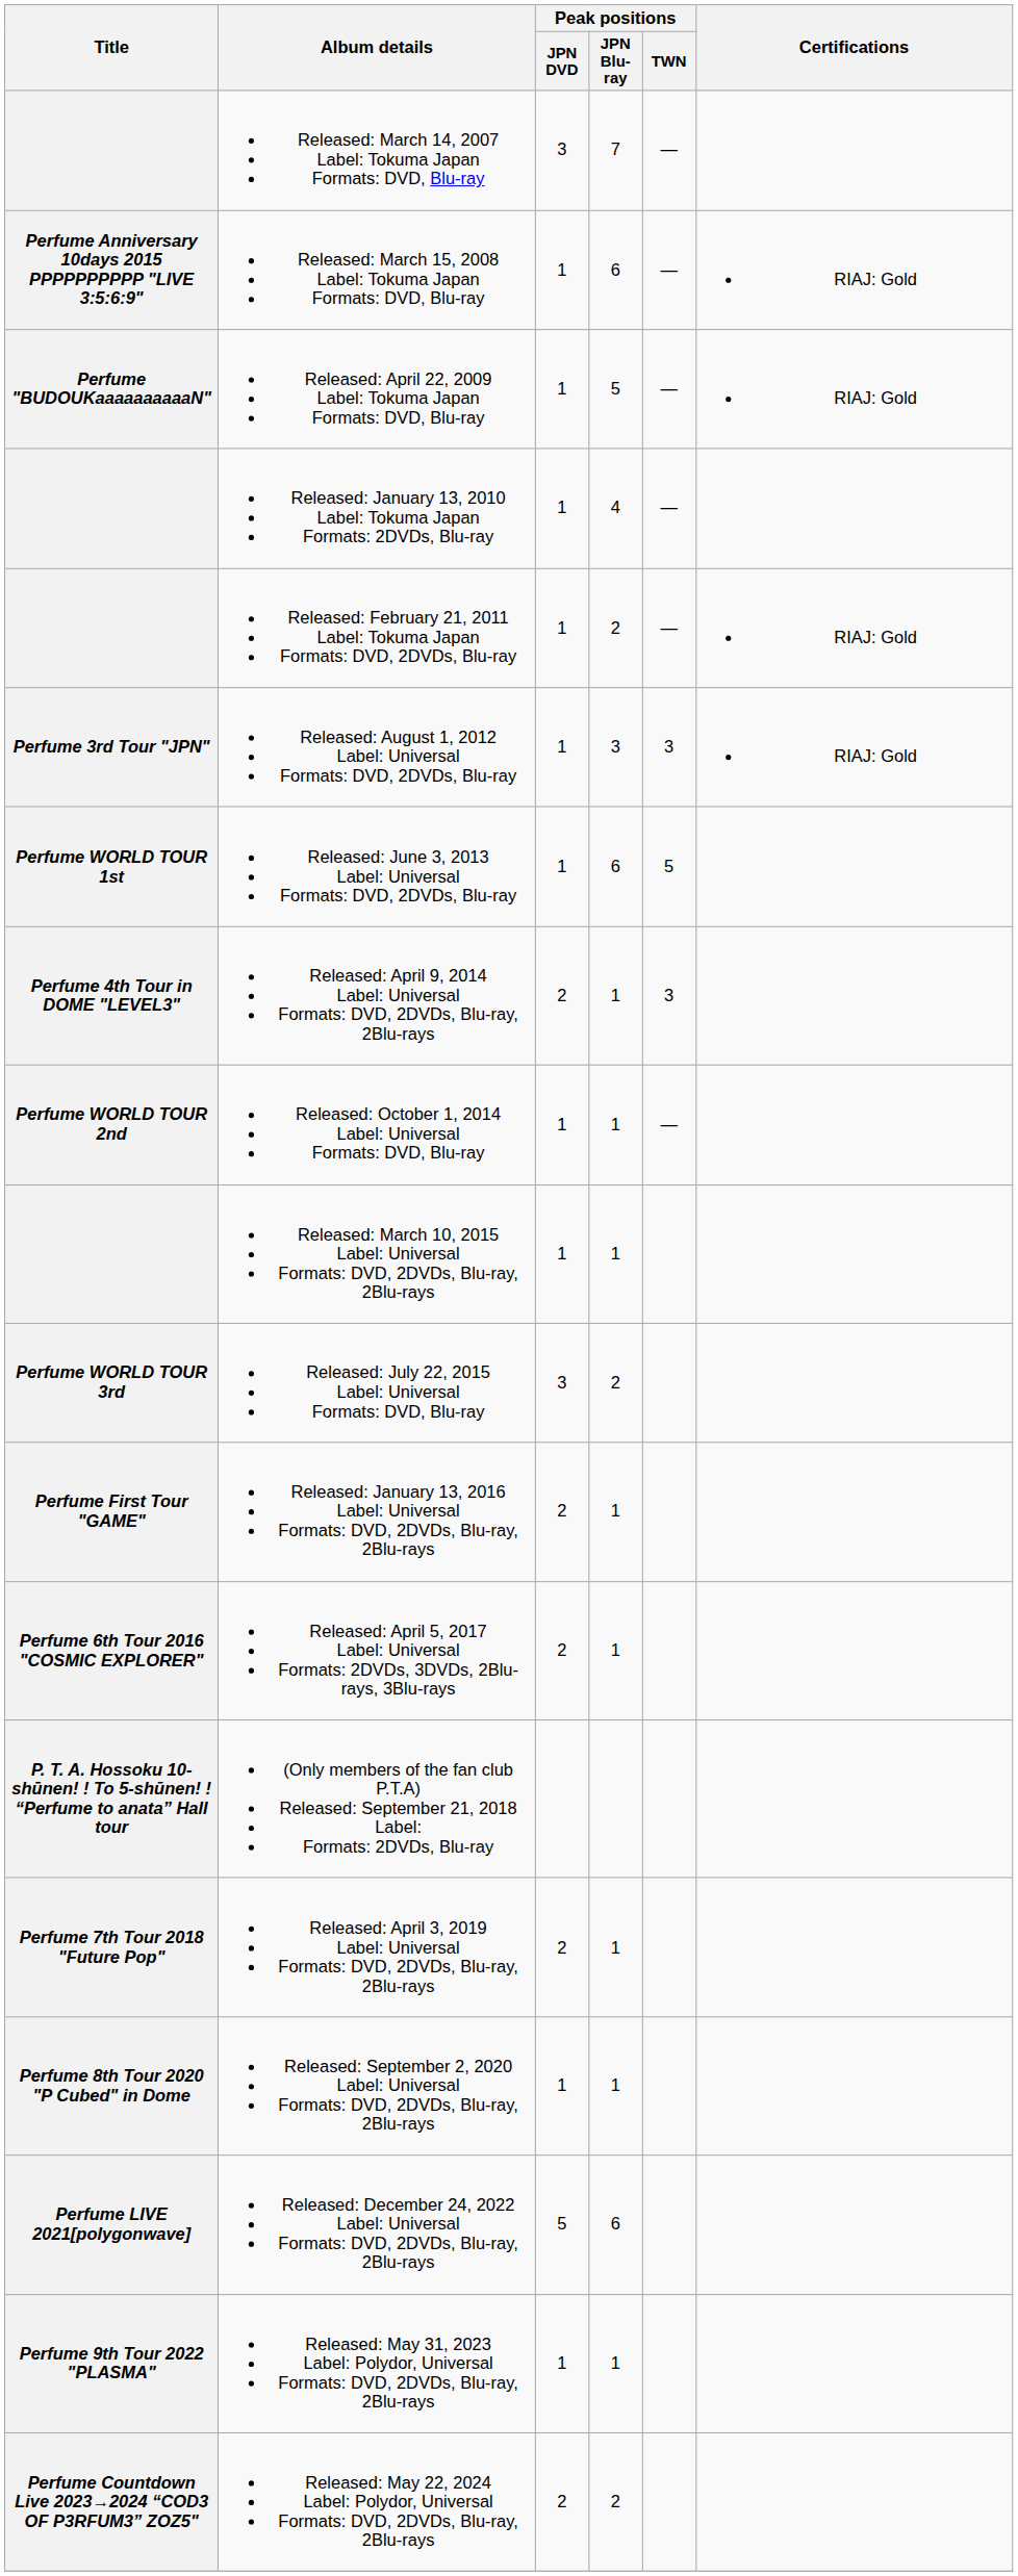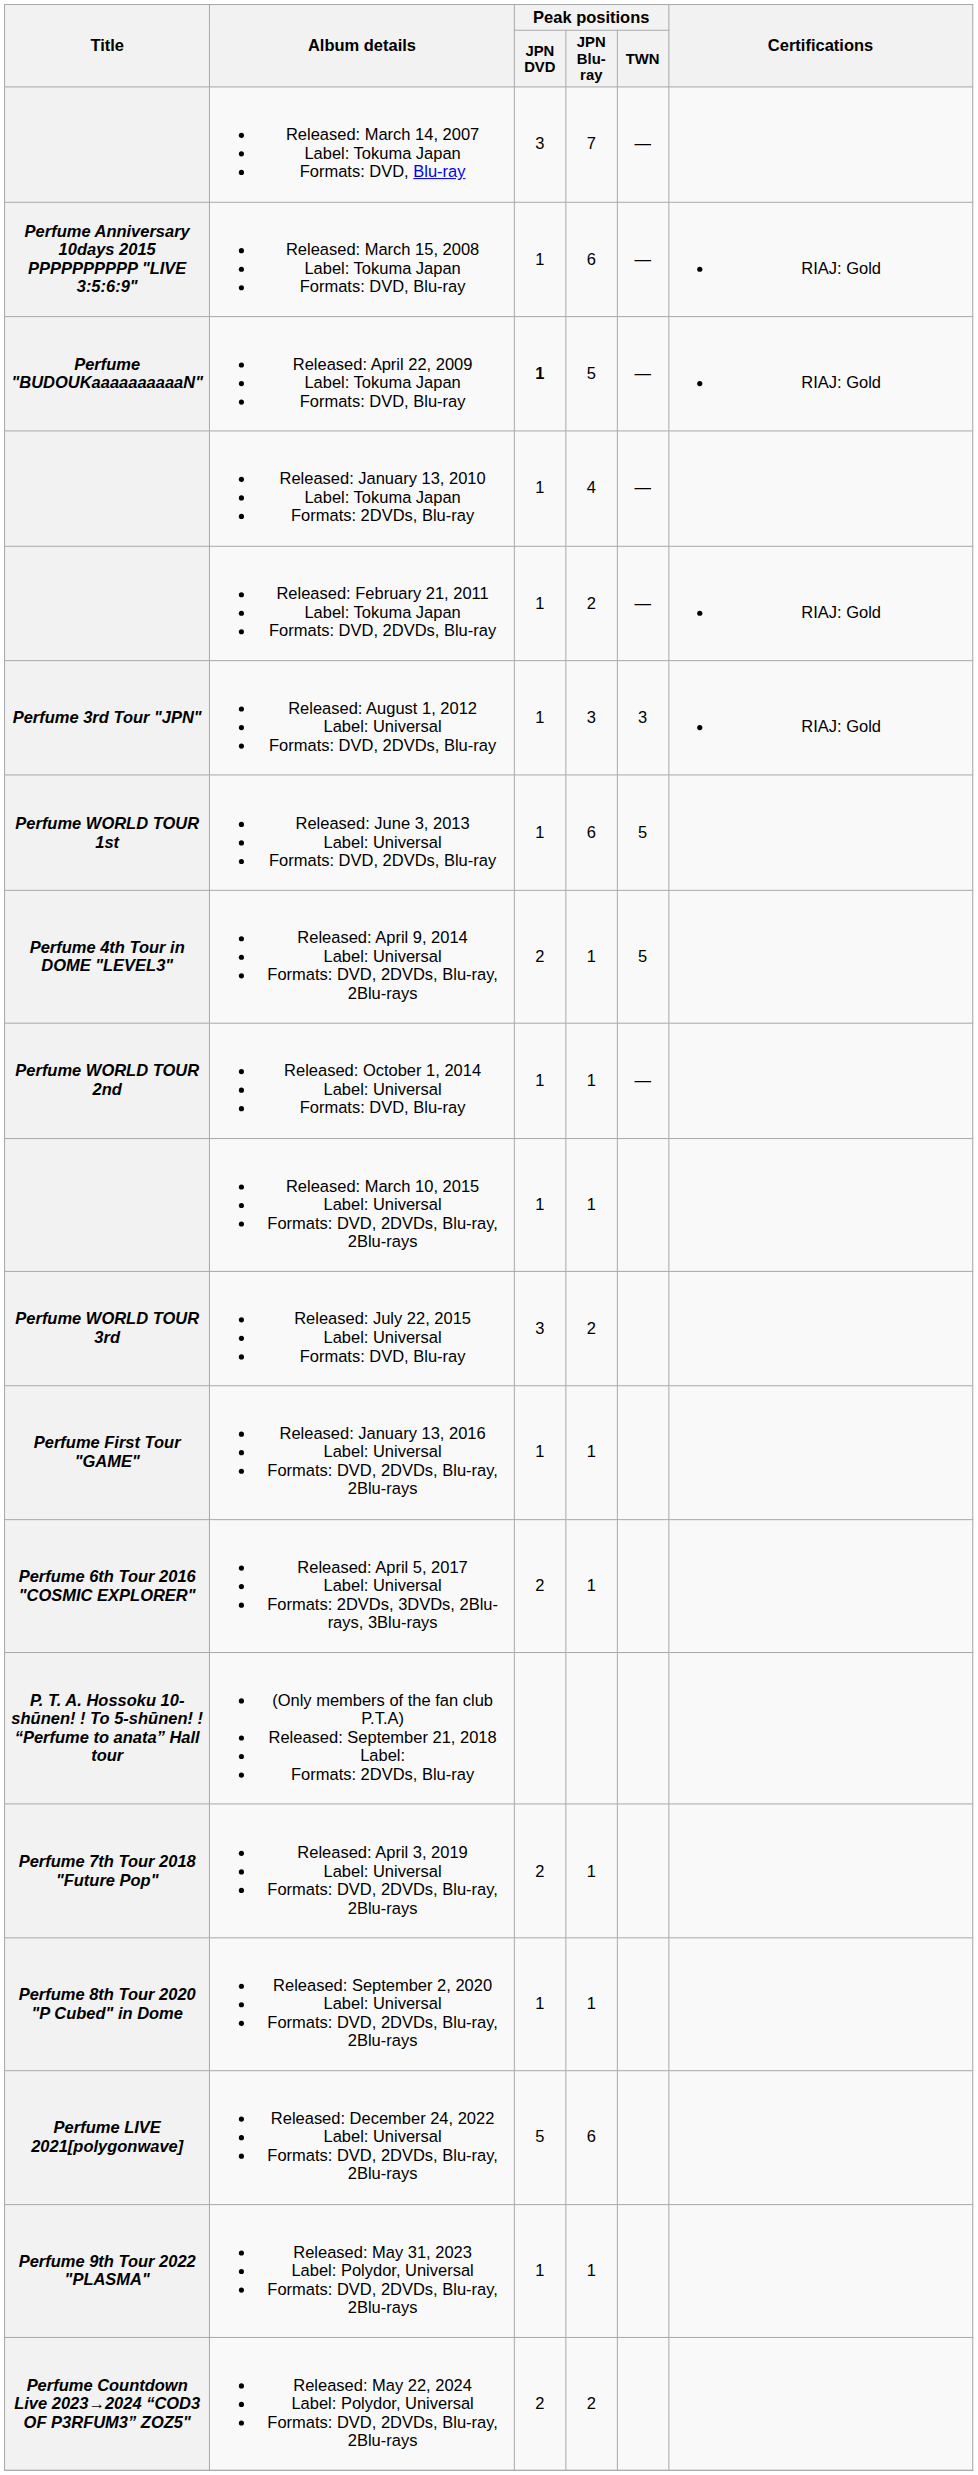 <table class="wikitable plainrowheaders" style="text-align:center;">
 <tr>
 <th style="width:12em;" rowspan="2">Title</th>
 <th style="width:18em;" rowspan="2">Album details</th>
 <th colspan="3">Peak positions</th>
 <th style="width:18em;" rowspan="2">Certifications</th>
 </tr>
 <tr>
 <th scope="col" style="width:3em;font-size:90%;">JPN DVD<br></th>
 <th scope="col" style="width:3em;font-size:90%;">JPN Blu-ray<br></th>
 <th scope="col" style="width:3em;font-size:90%;">TWN<br></th>
 </tr>
 <tr>
 <th scope="row"></th>
 <td><br><ul><li>Released: March 14, 2007 </li><li>Label: Tokuma Japan</li><li>Formats: DVD, <a href='#'>Blu-ray</a></li></ul></td>
 <td>3</td>
 <td>7</td>
 <td>—</td>
 <td></td>
 </tr>
 <tr>
 <th scope="row"><em>Perfume Anniversary 10days 2015 PPPPPPPPPP "LIVE 3:5:6:9"</em></th>
 <td><br><ul><li>Released: March 15, 2008 </li><li>Label: Tokuma Japan</li><li>Formats: DVD, Blu-ray</li></ul></td>
 <td>1</td>
 <td>6</td>
 <td>—</td>
 <td><br><ul><li>RIAJ: Gold</li></ul></td>
 </tr>
 <tr>
 <th scope="row"><em>Perfume "BUDOUKaaaaaaaaaaN"</em></th>
 <td><br><ul><li>Released: April 22, 2009 </li><li>Label: Tokuma Japan</li><li>Formats: DVD, Blu-ray</li></ul></td>
-<td>1</td>
+<td><strong>1</strong></td>
 <td>5</td>
 <td>—</td>
 <td><br><ul><li>RIAJ: Gold</li></ul></td>
 </tr>
 <tr>
 <th scope="row"></th>
 <td><br><ul><li>Released: January 13, 2010 </li><li>Label: Tokuma Japan</li><li>Formats: 2DVDs, Blu-ray</li></ul></td>
 <td>1</td>
 <td>4</td>
 <td>—</td>
 <td></td>
 </tr>
 <tr>
 <th scope="row"></th>
 <td><br><ul><li>Released: February 21, 2011 </li><li>Label: Tokuma Japan</li><li>Formats: DVD, 2DVDs, Blu-ray</li></ul></td>
 <td>1</td>
 <td>2</td>
 <td>—</td>
 <td><br><ul><li>RIAJ: Gold</li></ul></td>
 </tr>
 <tr>
 <th scope="row"><em>Perfume 3rd Tour "JPN"</em></th>
 <td><br><ul><li>Released: August 1, 2012 </li><li>Label: Universal</li><li>Formats: DVD, 2DVDs, Blu-ray</li></ul></td>
 <td>1</td>
 <td>3</td>
 <td>3</td>
 <td><br><ul><li>RIAJ: Gold</li></ul></td>
 </tr>
 <tr>
 <th scope="row"><em>Perfume WORLD TOUR 1st</em></th>
 <td><br><ul><li>Released: June 3, 2013 </li><li>Label: Universal</li><li>Formats: DVD, 2DVDs, Blu-ray</li></ul></td>
 <td>1</td>
 <td>6</td>
 <td>5</td>
 <td></td>
 </tr>
 <tr>
 <th scope="row"><em>Perfume 4th Tour in DOME "LEVEL3"</em></th>
 <td><br><ul><li>Released: April 9, 2014 </li><li>Label: Universal</li><li>Formats: DVD, 2DVDs, Blu-ray, 2Blu-rays</li></ul></td>
 <td>2</td>
 <td>1</td>
-<td>3</td>
+<td>5</td>
 <td></td>
 </tr>
 <tr>
 <th scope="row"><em>Perfume WORLD TOUR 2nd</em></th>
 <td><br><ul><li>Released: October 1, 2014 </li><li>Label: Universal</li><li>Formats: DVD, Blu-ray</li></ul></td>
 <td>1</td>
 <td>1</td>
 <td>—</td>
 <td></td>
 </tr>
 <tr>
 <th scope="row"></th>
 <td><br><ul><li>Released: March 10, 2015 </li><li>Label: Universal</li><li>Formats: DVD, 2DVDs, Blu-ray, 2Blu-rays</li></ul></td>
 <td>1</td>
 <td>1</td>
 <td></td>
 <td></td>
 </tr>
 <tr>
 <th scope="row"><em>Perfume WORLD TOUR 3rd</em></th>
 <td><br><ul><li>Released: July 22, 2015 </li><li>Label: Universal</li><li>Formats: DVD, Blu-ray</li></ul></td>
 <td>3</td>
 <td>2</td>
 <td></td>
 <td></td>
 </tr>
 <tr>
 <th scope="row"><em>Perfume First Tour "GAME"</em></th>
 <td><br><ul><li>Released: January 13, 2016 </li><li>Label: Universal</li><li>Formats: DVD, 2DVDs, Blu-ray, 2Blu-rays</li></ul></td>
-<td>2</td>
+<td>1</td>
 <td>1</td>
 <td></td>
 <td></td>
 </tr>
 <tr>
 <th scope="row"><em>Perfume 6th Tour 2016 "COSMIC EXPLORER"</em></th>
 <td><br><ul><li>Released: April 5, 2017 </li><li>Label: Universal</li><li>Formats: 2DVDs, 3DVDs, 2Blu-rays, 3Blu-rays</li></ul></td>
 <td>2</td>
 <td>1</td>
 <td></td>
 <td></td>
 </tr>
 <tr>
 <th scope="row"><em>P. T. A. Hossoku 10-shūnen! ! To 5-shūnen! ! “Perfume to anata” Hall tour</em></th>
 <td><br><ul><li>(Only members of the fan club P.T.A)</li><li>Released: September 21, 2018 </li><li>Label:</li><li>Formats: 2DVDs, Blu-ray</li></ul></td>
 <td></td>
 <td></td>
 <td></td>
 </tr>
 <tr>
 <th scope="row"><em>Perfume 7th Tour 2018 "Future Pop"</em></th>
 <td><br><ul><li>Released: April 3, 2019 </li><li>Label: Universal</li><li>Formats: DVD, 2DVDs, Blu-ray, 2Blu-rays</li></ul></td>
 <td>2</td>
 <td>1</td>
 <td></td>
 <td></td>
 </tr>
 <tr>
 <th scope="row"><em>Perfume 8th Tour 2020 "P Cubed" in Dome</em></th>
 <td><br><ul><li>Released: September 2, 2020 </li><li>Label: Universal</li><li>Formats: DVD, 2DVDs, Blu-ray, 2Blu-rays</li></ul></td>
 <td>1</td>
 <td>1</td>
 <td></td>
 <td></td>
 </tr>
 <tr>
 <th scope="row"><em>Perfume LIVE 2021[polygonwave]</em></th>
 <td><br><ul><li>Released: December 24, 2022 </li><li>Label: Universal</li><li>Formats: DVD, 2DVDs, Blu-ray, 2Blu-rays</li></ul></td>
 <td>5</td>
 <td>6</td>
 <td></td>
 <td></td>
 </tr>
 <tr>
 <th scope="row"><em>Perfume 9th Tour 2022 "PLASMA"</em></th>
 <td><br><ul><li>Released: May 31, 2023 </li><li>Label: Polydor, Universal</li><li>Formats: DVD, 2DVDs, Blu-ray, 2Blu-rays</li></ul></td>
 <td>1</td>
 <td>1</td>
 <td></td>
 <td></td>
 </tr>
 <tr>
 <th scope="row"><em>Perfume Countdown Live 2023→2024 “COD3 OF P3RFUM3” ZOZ5"</em></th>
 <td><br><ul><li>Released: May 22, 2024 </li><li>Label: Polydor, Universal</li><li>Formats: DVD, 2DVDs, Blu-ray, 2Blu-rays</li></ul></td>
 <td>2</td>
 <td>2</td>
 <td></td>
 <td></td>
 </tr>
 <tr>
 </tr>
 </table>
